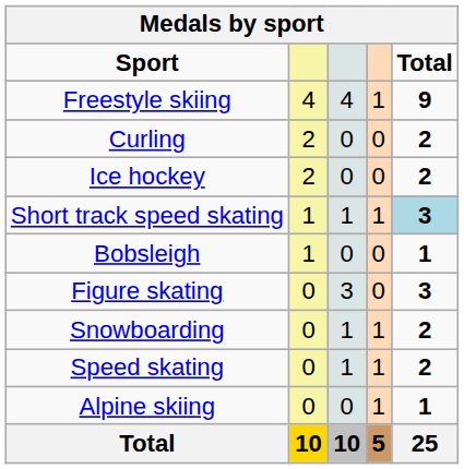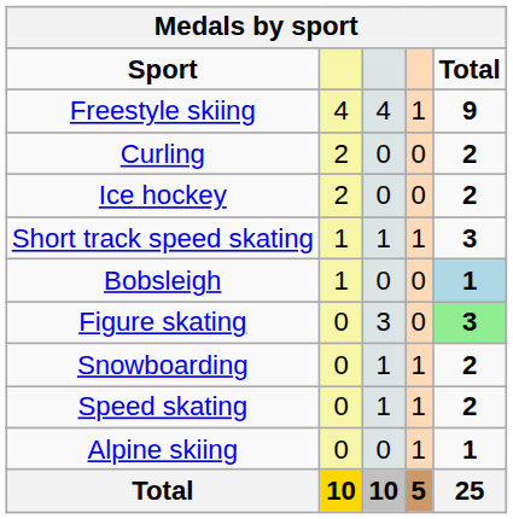 <table class="wikitable" style="font-size:85%;float:right;clear:right;">
 <tr style="background:#efefef;">
 <th colspan=5>Medals by sport</th>
 </tr>
 <tr align=center>
 <td><strong>Sport</strong></td>
 <td bgcolor=#f7f6a8></td>
 <td bgcolor=#dce5e5></td>
 <td bgcolor=#ffdab9></td>
 <td><strong>Total</strong></td>
 </tr>
 <tr align=center>
 <td><a href='#'>Freestyle skiing</a></td>
 <td style="background:#F7F6A8;">4</td>
 <td style="background:#DCE5E5;">4</td>
 <td style="background:#FFDAB9;">1</td>
 <td><strong>9</strong></td>
 </tr>
 <tr align=center>
 <td><a href='#'>Curling</a></td>
 <td style="background:#F7F6A8;">2</td>
 <td style="background:#DCE5E5;">0</td>
 <td style="background:#FFDAB9;">0</td>
 <td><strong>2</strong></td>
 </tr>
 <tr align=center>
 <td><a href='#'>Ice hockey</a></td>
 <td style="background:#F7F6A8;">2</td>
 <td style="background:#DCE5E5;">0</td>
 <td style="background:#FFDAB9;">0</td>
 <td><strong>2</strong></td>
 </tr>
 <tr align=center>
 <td><a href='#'>Short track speed skating</a></td>
 <td style="background:#F7F6A8;">1</td>
 <td style="background:#DCE5E5;">1</td>
 <td style="background:#FFDAB9;">1</td>
-<td style="background: lightblue;"><strong>3</strong></td>
+<td><strong>3</strong></td>
 </tr>
 <tr align=center>
 <td><a href='#'>Bobsleigh</a></td>
 <td style="background:#F7F6A8;">1</td>
 <td style="background:#DCE5E5;">0</td>
 <td style="background:#FFDAB9;">0</td>
-<td><strong>1</strong></td>
+<td style="background: lightblue;"><strong>1</strong></td>
 </tr>
 <tr align=center>
 <td><a href='#'>Figure skating</a></td>
 <td style="background:#F7F6A8;">0</td>
 <td style="background:#DCE5E5;">3</td>
 <td style="background:#FFDAB9;">0</td>
-<td><strong>3</strong></td>
+<td style="background: lightgreen;"><strong>3</strong></td>
 </tr>
 <tr align=center>
 <td><a href='#'>Snowboarding</a></td>
 <td style="background:#F7F6A8;">0</td>
 <td style="background:#DCE5E5;">1</td>
 <td style="background:#FFDAB9;">1</td>
 <td><strong>2</strong></td>
 </tr>
 <tr align=center>
 <td><a href='#'>Speed skating</a></td>
 <td style="background:#F7F6A8;">0</td>
 <td style="background:#DCE5E5;">1</td>
 <td style="background:#FFDAB9;">1</td>
 <td><strong>2</strong></td>
 </tr>
 <tr align=center>
 <td><a href='#'>Alpine skiing</a></td>
 <td style="background:#F7F6A8;">0</td>
 <td style="background:#DCE5E5;">0</td>
 <td style="background:#FFDAB9;">1</td>
 <td><strong>1</strong></td>
 </tr>
 <tr align=center>
 <th>Total</th>
 <th style="background:gold;">10</th>
 <th style="background:silver;">10</th>
 <th style="background:#c96;">5</th>
 <th>25</th>
 </tr>
 </table>
